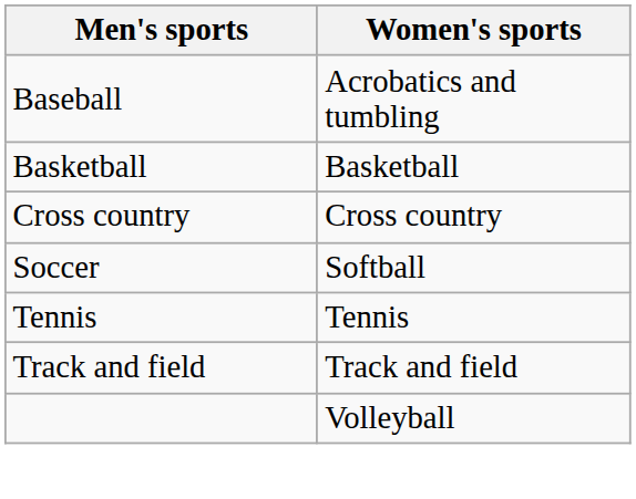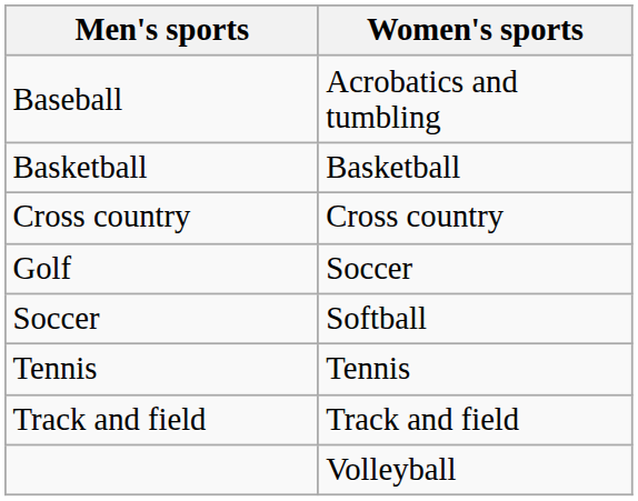 <table class="wikitable"; style= "text-align: ">
 <tr>
 <th width=150px>Men's sports</th>
 <th width=150px>Women's sports</th>
 </tr>
 <tr>
 <td>Baseball</td>
 <td>Acrobatics and tumbling</td>
 </tr>
 <tr>
 <td>Basketball</td>
 <td>Basketball</td>
 </tr>
 <tr>
 <td>Cross country</td>
 <td>Cross country</td>
 </tr>
 <tr>
+<td>Golf</td>
+<td>Soccer</td>
+</tr>
+<tr>
 <td>Soccer</td>
 <td>Softball</td>
 </tr>
 <tr>
 <td>Tennis</td>
 <td>Tennis</td>
 </tr>
 <tr>
 <td>Track and field</td>
 <td>Track and field</td>
 </tr>
 <tr>
 <td></td>
 <td>Volleyball</td>
 </tr>
 </table>
